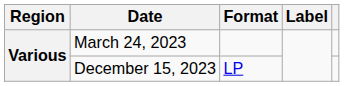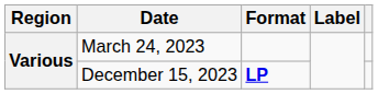 <table class="wikitable plainrowheaders">
 <tr>
 <th scope="col">Region</th>
 <th scope="col">Date</th>
 <th scope="col">Format</th>
 <th scope="col">Label</th>
 <th scope="col"></th>
 </tr>
 <tr>
 <th scope="row" rowspan="2">Various</th>
 <td>March 24, 2023</td>
 <td></td>
 <td rowspan="2"></td>
 <td></td>
 </tr>
 <tr>
 <td>December 15, 2023</td>
-<td><a href='#'>LP</a></td>
+<td><strong><a href='#'>LP</a></strong></td>
 <td></td>
 </tr>
 </table>
